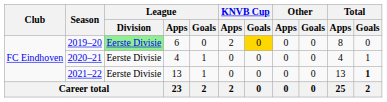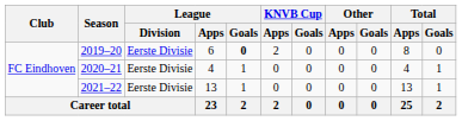 <table class="wikitable" style="text-align: center">
 <tr>
 <th rowspan="2">Club</th>
 <th rowspan="2">Season</th>
 <th colspan="3">League</th>
 <th colspan="2"><a href='#'>KNVB Cup</a></th>
 <th colspan="2">Other</th>
 <th colspan="2">Total</th>
 </tr>
 <tr>
 <th>Division</th>
 <th>Apps</th>
 <th>Goals</th>
 <th>Apps</th>
 <th>Goals</th>
 <th>Apps</th>
 <th>Goals</th>
 <th>Apps</th>
 <th>Goals</th>
 </tr>
 <tr>
 <td rowspan="3"><a href='#'>FC Eindhoven</a></td>
 <td><a href='#'>2019–20</a></td>
-<td style="background: lightgreen;"><a href='#'>Eerste Divisie</a></td>
+<td><a href='#'>Eerste Divisie</a></td>
 <td>6</td>
+<td><strong>0</strong></td>
+<td>2</td>
 <td>0</td>
-<td>2</td>
-<td style="background: gold;">0</td>
 <td>0</td>
 <td>0</td>
 <td>8</td>
 <td>0</td>
 </tr>
 <tr>
 <td><a href='#'>2020–21</a></td>
 <td>Eerste Divisie</td>
 <td>4</td>
 <td>1</td>
 <td>0</td>
 <td>0</td>
 <td>0</td>
 <td>0</td>
 <td>4</td>
 <td>1</td>
 </tr>
 <tr>
 <td><a href='#'>2021–22</a></td>
 <td>Eerste Divisie</td>
 <td>13</td>
 <td>1</td>
 <td>0</td>
 <td>0</td>
 <td>0</td>
 <td>0</td>
 <td>13</td>
-<td><strong>1</strong></td>
+<td>1</td>
 </tr>
 <tr>
 <th colspan="3">Career total</th>
 <th>23</th>
 <th>2</th>
 <th>2</th>
 <th>0</th>
 <th>0</th>
 <th>0</th>
 <th>25</th>
 <th>2</th>
 </tr>
 </table>
